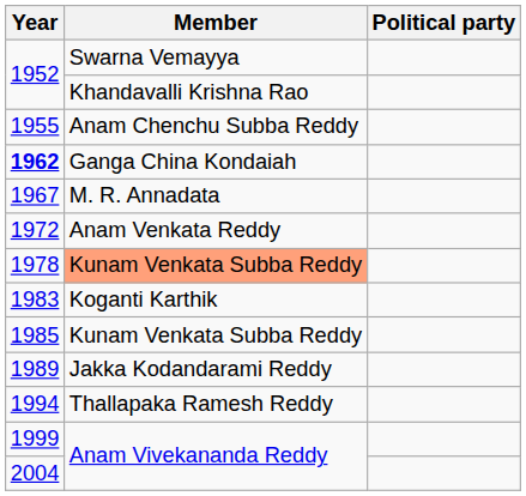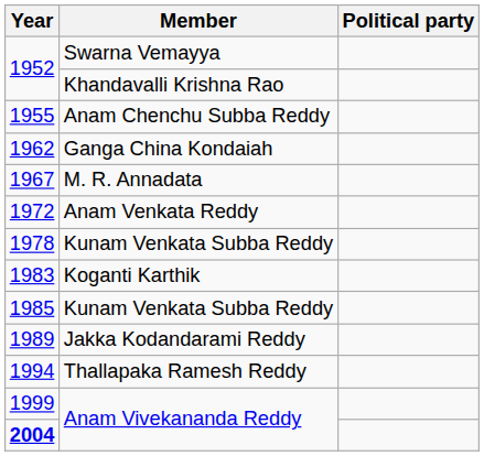 <table class="wikitable sortable">
 <tr>
 <th>Year</th>
 <th>Member</th>
 <th colspan="2">Political party</th>
 </tr>
 <tr>
 <td rowspan=2><a href='#'>1952</a></td>
 <td>Swarna Vemayya</td>
 <td></td>
 </tr>
 <tr>
 <td>Khandavalli Krishna Rao</td>
 </tr>
 <tr>
 <td><a href='#'>1955</a></td>
 <td>Anam Chenchu Subba Reddy</td>
 <td></td>
 </tr>
 <tr>
-<td><strong><a href='#'>1962</a></strong></td>
+<td><a href='#'>1962</a></td>
 <td>Ganga China Kondaiah</td>
 <td></td>
 </tr>
 <tr>
 <td><a href='#'>1967</a></td>
 <td>M. R. Annadata</td>
 <td></td>
 </tr>
 <tr>
 <td><a href='#'>1972</a></td>
 <td>Anam Venkata Reddy</td>
 <td></td>
 </tr>
 <tr>
 <td><a href='#'>1978</a></td>
-<td style="background: lightsalmon;">Kunam Venkata Subba Reddy</td>
+<td>Kunam Venkata Subba Reddy</td>
 </tr>
 <tr>
 <td><a href='#'>1983</a></td>
 <td>Koganti Karthik</td>
 <td></td>
 </tr>
 <tr>
 <td><a href='#'>1985</a></td>
 <td>Kunam Venkata Subba Reddy</td>
 <td></td>
 </tr>
 <tr>
 <td><a href='#'>1989</a></td>
 <td>Jakka Kodandarami Reddy</td>
 <td></td>
 </tr>
 <tr>
 <td><a href='#'>1994</a></td>
 <td>Thallapaka Ramesh Reddy</td>
 <td></td>
 </tr>
 <tr>
 <td><a href='#'>1999</a></td>
 <td rowspan=2><a href='#'>Anam Vivekananda Reddy</a></td>
 <td></td>
 </tr>
 <tr>
-<td><a href='#'>2004</a></td>
+<td><strong><a href='#'>2004</a></strong></td>
 </tr>
 </table>
